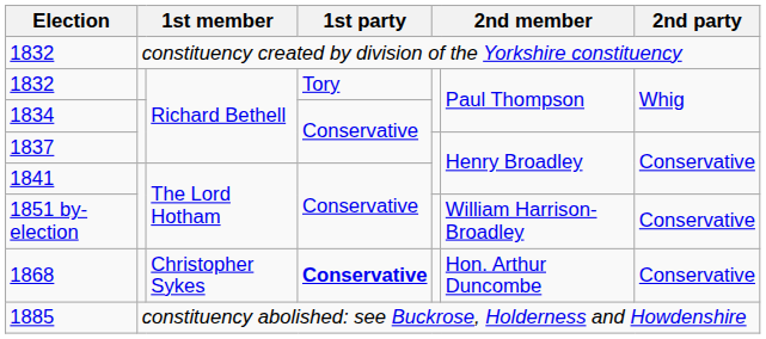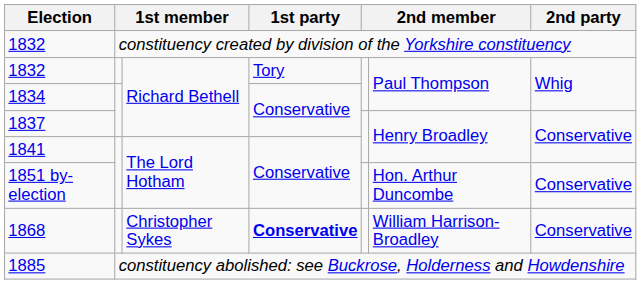 <table class="wikitable">
 <tr>
 <th>Election</th>
 <th colspan="2">1st member</th>
 <th>1st party</th>
 <th colspan="2">2nd member</th>
 <th>2nd party</th>
 </tr>
 <tr>
 <td><a href='#'>1832</a></td>
 <td colspan="6"><em>constituency created by division of the <a href='#'>Yorkshire constituency</a></em></td>
 </tr>
 <tr>
 <td><a href='#'>1832</a></td>
 <td style="color:inherit;background-color: "></td>
 <td rowspan="3"><a href='#'>Richard Bethell</a></td>
 <td><a href='#'>Tory</a></td>
 <td rowspan="2" style="color:inherit;background-color: "></td>
 <td rowspan="2"><a href='#'>Paul Thompson</a></td>
 <td rowspan="2"><a href='#'>Whig</a></td>
 </tr>
 <tr>
 <td><a href='#'>1834</a></td>
 <td rowspan="2" style="color:inherit;background-color: "></td>
 <td rowspan="2"><a href='#'>Conservative</a></td>
 </tr>
 <tr>
 <td><a href='#'>1837</a></td>
 <td rowspan="2" style="color:inherit;background-color: "></td>
 <td rowspan="2"><a href='#'>Henry Broadley</a></td>
 <td rowspan="2"><a href='#'>Conservative</a></td>
 </tr>
 <tr>
 <td><a href='#'>1841</a></td>
 <td rowspan="2" style="color:inherit;background-color: "></td>
 <td rowspan="2"><a href='#'>The Lord Hotham</a></td>
 <td rowspan="2"><a href='#'>Conservative</a></td>
 </tr>
 <tr>
 <td><a href='#'>1851 by-election</a></td>
 <td style="color:inherit;background-color: "></td>
-<td><a href='#'>William Harrison-Broadley</a></td>
+<td><a href='#'>Hon. Arthur Duncombe</a></td>
 <td><a href='#'>Conservative</a></td>
 </tr>
 <tr>
 <td><a href='#'>1868</a></td>
 <td style="color:inherit;background-color: "></td>
 <td><a href='#'>Christopher Sykes</a></td>
 <td><strong><a href='#'>Conservative</a></strong></td>
 <td style="color:inherit;background-color: "></td>
-<td><a href='#'>Hon. Arthur Duncombe</a></td>
+<td><a href='#'>William Harrison-Broadley</a></td>
 <td><a href='#'>Conservative</a></td>
 </tr>
 <tr>
 <td><a href='#'>1885</a></td>
 <td colspan="6"><em>constituency abolished: see <a href='#'>Buckrose</a>, <a href='#'>Holderness</a> and <a href='#'>Howdenshire</a></em></td>
 </tr>
 </table>
